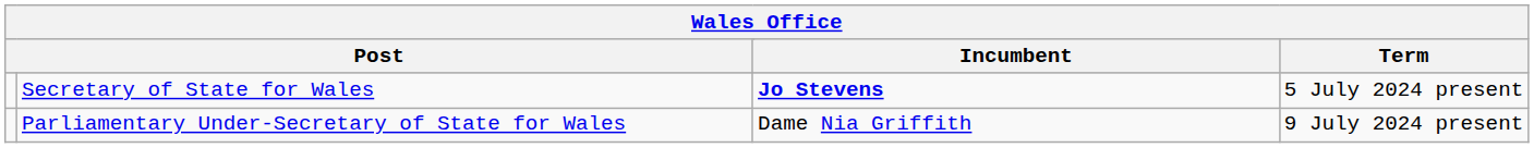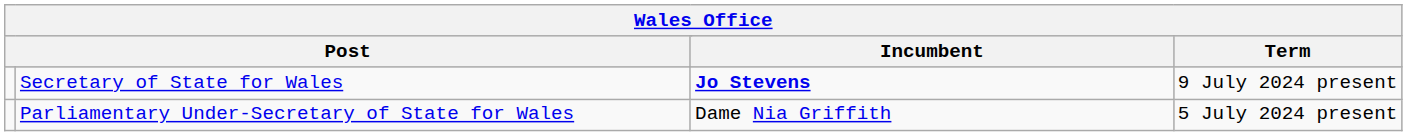 <table class="wikitable">
 <tr>
 <th colspan="5"><a href='#'>Wales Office</a></th>
 </tr>
 <tr>
 <th colspan="3">Post</th>
 <th>Incumbent</th>
 <th>Term</th>
 </tr>
 <tr>
 <td rowspan="1" style="width: 1px; background: "></td>
 <td rowspan="1" style="width: 450px;"><a href='#'>Secretary of State for Wales</a></td>
 <td colspan="2"><strong><a href='#'>Jo Stevens</a></strong></td>
-<td>5 July 2024 present</td>
+<td>9 July 2024 present</td>
 </tr>
 <tr>
 <td rowspan="1" style="width: 1px; background: "></td>
 <td rowspan="1"  style="width: 450px;"><a href='#'>Parliamentary Under-Secretary of State for Wales</a></td>
 <td colspan="2" style="width: 320px;">Dame <a href='#'>Nia Griffith</a></td>
-<td>9 July 2024 present</td>
+<td>5 July 2024 present</td>
 </tr>
 </table>
